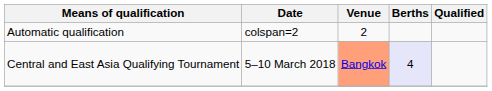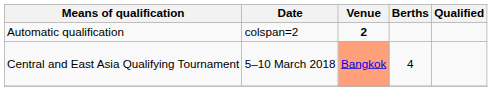 <table class="wikitable">
 <tr>
 <th>Means of qualification</th>
 <th>Date</th>
 <th>Venue</th>
 <th>Berths</th>
 <th>Qualified</th>
 </tr>
 <tr>
 <td>Automatic qualification</td>
 <td>colspan=2 </td>
-<td style="text-align:center;">2</td>
+<td style="text-align:center;"><strong>2</strong></td>
 <td><br></td>
 </tr>
 <tr>
 <td>Central and East Asia Qualifying Tournament</td>
 <td>5–10 March 2018</td>
 <td style="background: lightsalmon;"> <a href='#'>Bangkok</a></td>
-<td style="background: lavender; text-align:center;">4</td>
+<td style="text-align:center;">4</td>
 <td><br><br><br></td>
 </tr>
 <tr>
 </tr>
 </table>
